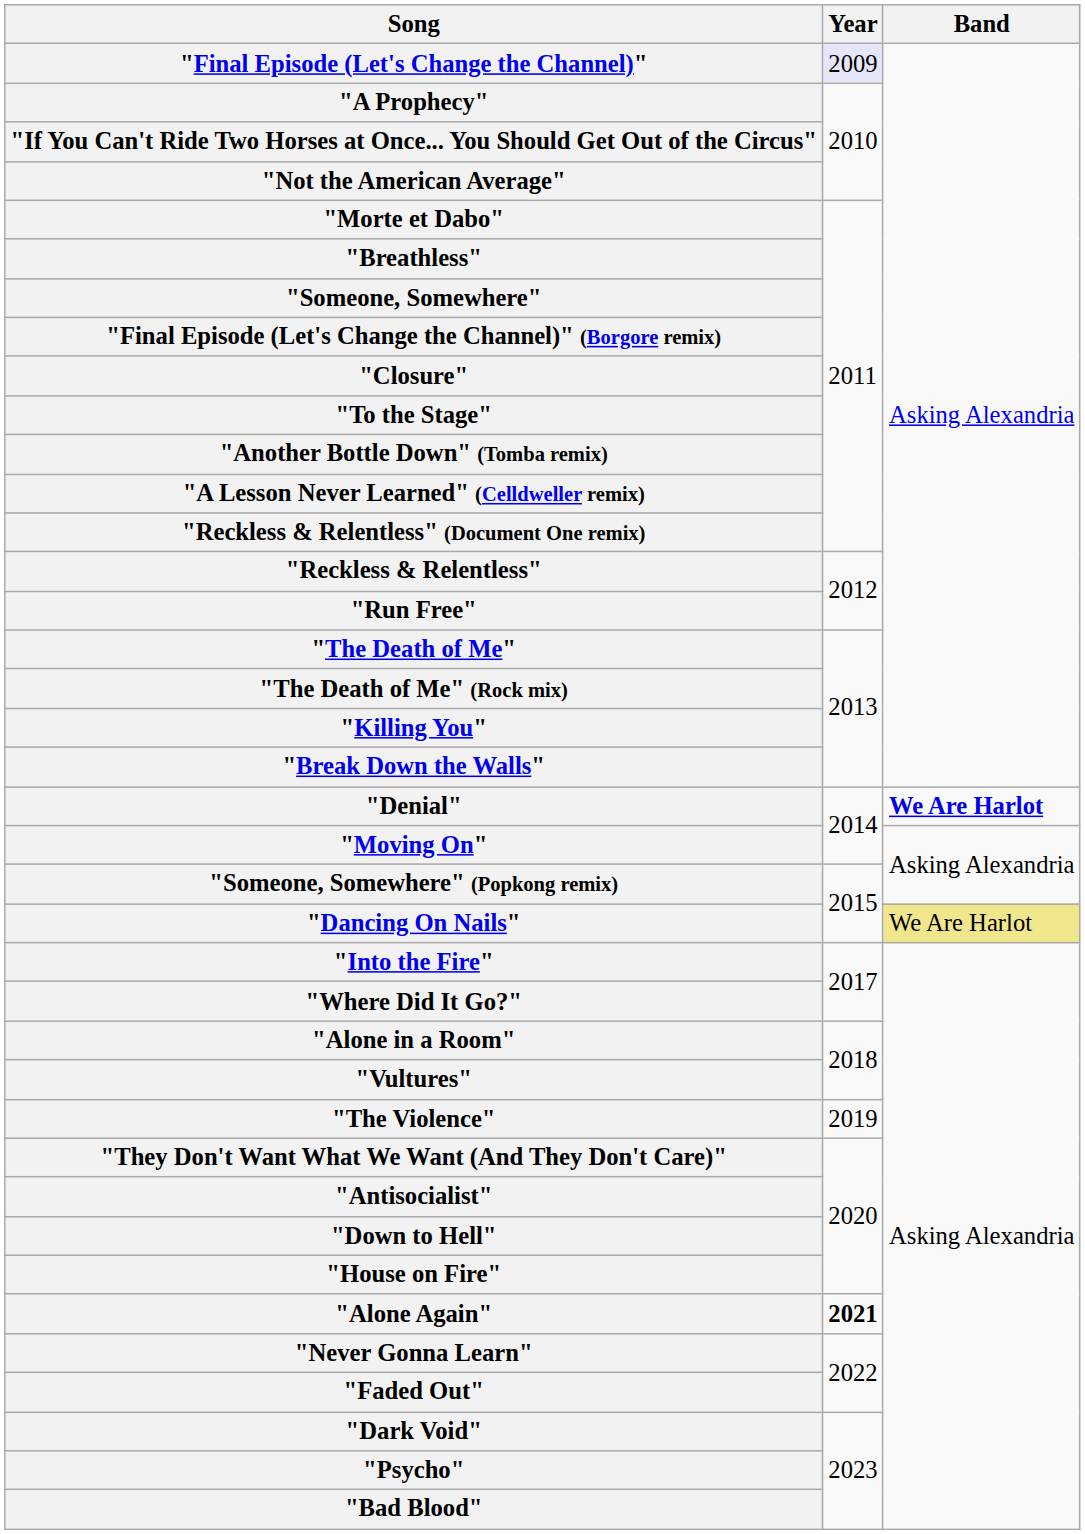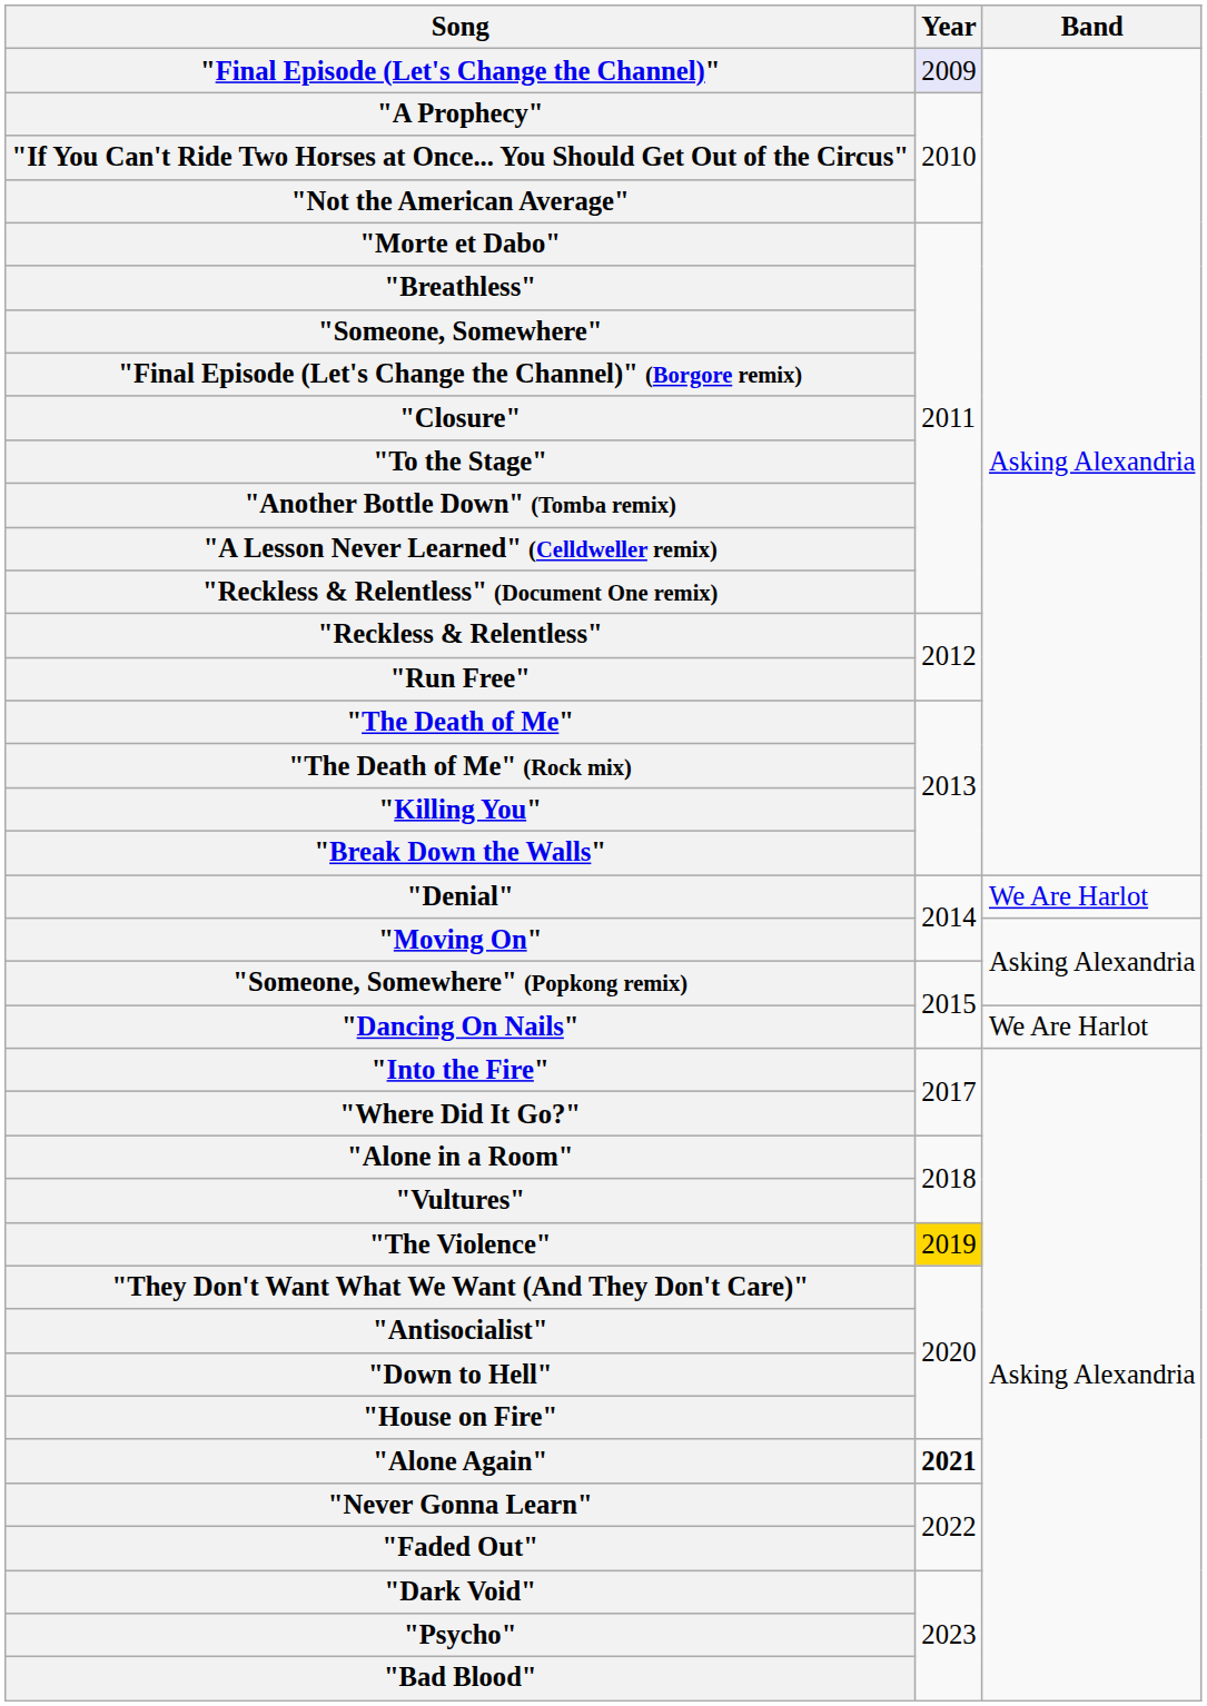 <table class=wikitable>
 <tr>
 <th>Song</th>
 <th>Year</th>
 <th>Band</th>
 </tr>
 <tr>
 <th scope="row">"<a href='#'>Final Episode (Let's Change the Channel)</a>"</th>
 <td style="background: lavender;">2009</td>
 <td rowspan="19"><a href='#'>Asking Alexandria</a></td>
 </tr>
 <tr>
 <th scope="row">"A Prophecy"</th>
 <td rowspan="3">2010</td>
 </tr>
 <tr>
 <th scope="row">"If You Can't Ride Two Horses at Once... You Should Get Out of the Circus"</th>
 </tr>
 <tr>
 <th scope="row">"Not the American Average"</th>
 </tr>
 <tr>
 <th scope="row">"Morte et Dabo"</th>
 <td rowspan="9">2011</td>
 </tr>
 <tr>
 <th scope="row">"Breathless"</th>
 </tr>
 <tr>
 <th scope="row">"Someone, Somewhere"</th>
 </tr>
 <tr>
 <th scope="row">"Final Episode (Let's Change the Channel)" <small>(<a href='#'>Borgore</a> remix)</small></th>
 </tr>
 <tr>
 <th scope="row">"Closure"</th>
 </tr>
 <tr>
 <th scope="row">"To the Stage"</th>
 </tr>
 <tr>
 <th scope="row">"Another Bottle Down" <small>(Tomba remix)</small></th>
 </tr>
 <tr>
 <th scope="row">"A Lesson Never Learned" <small>(<a href='#'>Celldweller</a> remix)</small></th>
 </tr>
 <tr>
 <th scope="row">"Reckless & Relentless" <small>(Document One remix)</small></th>
 </tr>
 <tr>
 <th scope="row">"Reckless & Relentless"</th>
 <td rowspan="2">2012</td>
 </tr>
 <tr>
 <th scope="row">"Run Free"</th>
 </tr>
 <tr>
 <th scope="row">"<a href='#'>The Death of Me</a>"</th>
 <td rowspan="4">2013</td>
 </tr>
 <tr>
 <th scope="row">"The Death of Me" <small>(Rock mix)</small></th>
 </tr>
 <tr>
 <th scope="row">"<a href='#'>Killing You</a>"</th>
 </tr>
 <tr>
 <th scope="row">"<a href='#'>Break Down the Walls</a>"</th>
 </tr>
 <tr>
 <th scope="row">"Denial"</th>
 <td rowspan="2">2014</td>
-<td><strong><a href='#'>We Are Harlot</a></strong></td>
+<td><a href='#'>We Are Harlot</a></td>
 </tr>
 <tr>
 <th scope="row">"<a href='#'>Moving On</a>"</th>
 <td rowspan="2">Asking Alexandria</td>
 </tr>
 <tr>
 <th scope="row">"Someone, Somewhere" <small>(Popkong remix)</small></th>
 <td rowspan="2">2015</td>
 </tr>
 <tr>
 <th scope="row">"<a href='#'>Dancing On Nails</a>"</th>
-<td style="background: khaki;">We Are Harlot</td>
+<td>We Are Harlot</td>
 </tr>
 <tr>
 <th scope="row">"<a href='#'>Into the Fire</a>"</th>
 <td rowspan="2">2017</td>
 <td rowspan="15">Asking Alexandria</td>
 </tr>
 <tr>
 <th scope="row">"Where Did It Go?"</th>
 </tr>
 <tr>
 <th scope="row">"Alone in a Room"</th>
 <td rowspan="2">2018</td>
 </tr>
 <tr>
 <th scope="row">"Vultures"</th>
 </tr>
 <tr>
 <th scope="row">"The Violence"</th>
-<td>2019</td>
+<td style="background: gold;">2019</td>
 </tr>
 <tr>
 <th scope="row">"They Don't Want What We Want (And They Don't Care)"</th>
 <td rowspan="4">2020</td>
 </tr>
 <tr>
 <th scope="row">"Antisocialist"</th>
 </tr>
 <tr>
 <th scope="row">"Down to Hell"</th>
 </tr>
 <tr>
 <th scope="row">"House on Fire"</th>
 </tr>
 <tr>
 <th scope="row">"Alone Again"</th>
 <td><strong>2021</strong></td>
 </tr>
 <tr>
 <th scope="row">"Never Gonna Learn"</th>
 <td rowspan="2">2022</td>
 </tr>
 <tr>
 <th scope="row">"Faded Out"</th>
 </tr>
 <tr>
 <th scope="row">"Dark Void"</th>
 <td rowspan="3">2023</td>
 </tr>
 <tr>
 <th scope="row">"Psycho"</th>
 </tr>
 <tr>
 <th scope="row">"Bad Blood"</th>
 </tr>
 </table>
